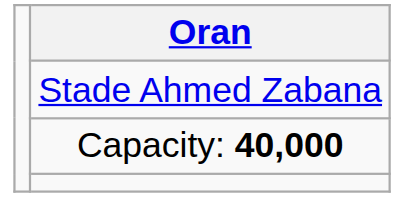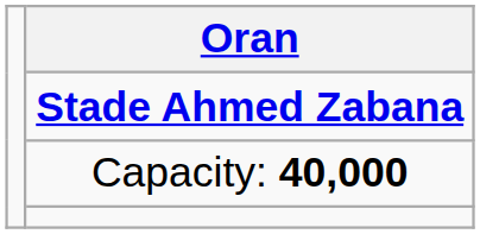 <table class="wikitable" style="text-align:center; margin:1em auto;">
 <tr>
 <td rowspan="4"></td>
 <th><a href='#'>Oran</a></th>
 </tr>
 <tr>
-<td><a href='#'>Stade Ahmed Zabana</a></td>
+<td><strong><a href='#'>Stade Ahmed Zabana</a></strong></td>
 </tr>
 <tr>
 <td>Capacity: <strong>40,000</strong></td>
 </tr>
 <tr>
 <td></td>
 </tr>
 </table>
